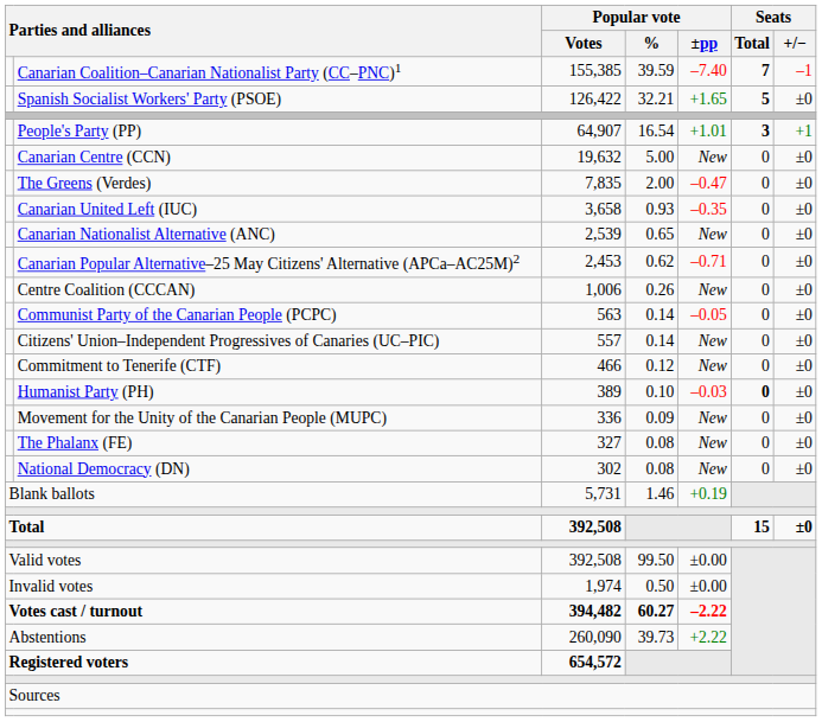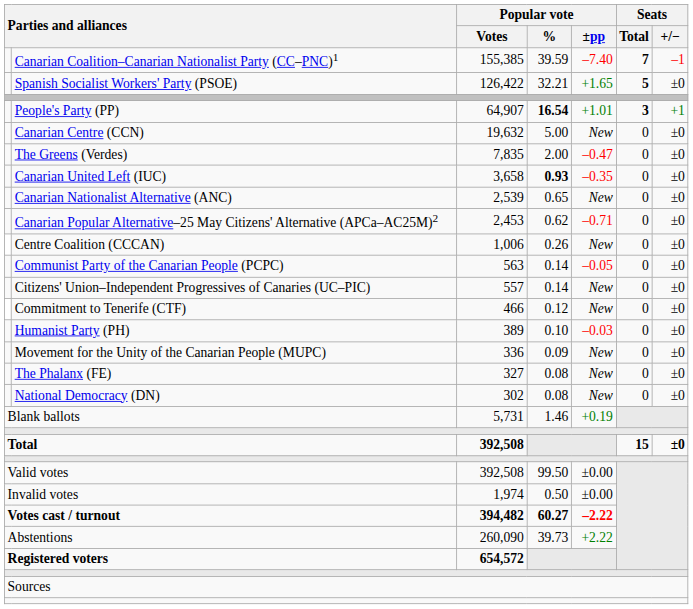 <table class="wikitable" style="text-align:right;">
 <tr>
 <th style="text-align:left;" rowspan="2" colspan="2" width="525">Parties and alliances</th>
 <th colspan="3">Popular vote</th>
 <th colspan="2">Seats</th>
 </tr>
 <tr>
 <th width="75">Votes</th>
 <th width="45">%</th>
 <th width="45">±<a href='#'>pp</a></th>
 <th width="35">Total</th>
 <th width="35">+/−</th>
 </tr>
 <tr>
 <td width="1" style="color:inherit;background:"></td>
 <td align="left"><a href='#'>Canarian Coalition–Canarian Nationalist Party</a> (<a href='#'>CC</a>–<a href='#'>PNC</a>)<sup>1</sup></td>
 <td>155,385</td>
 <td>39.59</td>
 <td style="color:red;">–7.40</td>
 <td><strong>7</strong></td>
 <td style="color:red;">–1</td>
 </tr>
 <tr>
 <td style="color:inherit;background:"></td>
 <td align="left"><a href='#'>Spanish Socialist Workers' Party</a> (PSOE)</td>
 <td>126,422</td>
 <td>32.21</td>
 <td style="color:green;">+1.65</td>
 <td><strong>5</strong></td>
 <td>±0</td>
 </tr>
 <tr>
 <td colspan="7" bgcolor="#C0C0C0"></td>
 </tr>
 <tr>
 <td style="color:inherit;background:"></td>
 <td align="left"><a href='#'>People's Party</a> (PP)</td>
 <td>64,907</td>
-<td>16.54</td>
+<td><strong>16.54</strong></td>
 <td style="color:green;">+1.01</td>
 <td><strong>3</strong></td>
 <td style="color:green;">+1</td>
 </tr>
 <tr>
 <td style="color:inherit;background:"></td>
 <td align="left"><a href='#'>Canarian Centre</a> (CCN)</td>
 <td>19,632</td>
 <td>5.00</td>
 <td><em>New</em></td>
 <td>0</td>
 <td>±0</td>
 </tr>
 <tr>
 <td style="color:inherit;background:"></td>
 <td align="left"><a href='#'>The Greens</a> (Verdes)</td>
 <td>7,835</td>
 <td>2.00</td>
 <td style="color:red;">–0.47</td>
 <td>0</td>
 <td>±0</td>
 </tr>
 <tr>
 <td style="color:inherit;background:"></td>
 <td align="left"><a href='#'>Canarian United Left</a> (IUC)</td>
 <td>3,658</td>
-<td>0.93</td>
+<td><strong>0.93</strong></td>
 <td style="color:red;">–0.35</td>
 <td>0</td>
 <td>±0</td>
 </tr>
 <tr>
 <td style="color:inherit;background:"></td>
 <td align="left"><a href='#'>Canarian Nationalist Alternative</a> (ANC)</td>
 <td>2,539</td>
 <td>0.65</td>
 <td><em>New</em></td>
 <td>0</td>
 <td>±0</td>
 </tr>
 <tr>
 <td style="color:inherit;background:"></td>
 <td align="left"><a href='#'>Canarian Popular Alternative</a>–25 May Citizens' Alternative (APCa–AC25M)<sup>2</sup></td>
 <td>2,453</td>
 <td>0.62</td>
 <td style="color:red;">–0.71</td>
 <td>0</td>
 <td>±0</td>
 </tr>
 <tr>
 <td bgcolor="white"></td>
 <td align="left">Centre Coalition (CCCAN)</td>
 <td>1,006</td>
 <td>0.26</td>
 <td><em>New</em></td>
 <td>0</td>
 <td>±0</td>
 </tr>
 <tr>
 <td style="color:inherit;background:"></td>
 <td align="left"><a href='#'>Communist Party of the Canarian People</a> (PCPC)</td>
 <td>563</td>
 <td>0.14</td>
 <td style="color:red;">–0.05</td>
 <td>0</td>
 <td>±0</td>
 </tr>
 <tr>
 <td style="color:inherit;background:"></td>
 <td align="left">Citizens' Union–Independent Progressives of Canaries (UC–PIC)</td>
 <td>557</td>
 <td>0.14</td>
 <td><em>New</em></td>
 <td>0</td>
 <td>±0</td>
 </tr>
 <tr>
 <td bgcolor="white"></td>
 <td align="left">Commitment to Tenerife (CTF)</td>
 <td>466</td>
 <td>0.12</td>
 <td><em>New</em></td>
 <td>0</td>
 <td>±0</td>
 </tr>
 <tr>
 <td style="color:inherit;background:"></td>
 <td align="left"><a href='#'>Humanist Party</a> (PH)</td>
 <td>389</td>
 <td>0.10</td>
 <td style="color:red;">–0.03</td>
-<td><strong>0</strong></td>
+<td>0</td>
 <td>±0</td>
 </tr>
 <tr>
 <td style="color:inherit;background:"></td>
 <td align="left">Movement for the Unity of the Canarian People (MUPC)</td>
 <td>336</td>
 <td>0.09</td>
 <td><em>New</em></td>
 <td>0</td>
 <td>±0</td>
 </tr>
 <tr>
 <td style="color:inherit;background:"></td>
 <td align="left"><a href='#'>The Phalanx</a> (FE)</td>
 <td>327</td>
 <td>0.08</td>
 <td><em>New</em></td>
 <td>0</td>
 <td>±0</td>
 </tr>
 <tr>
 <td style="color:inherit;background:"></td>
 <td align="left"><a href='#'>National Democracy</a> (DN)</td>
 <td>302</td>
 <td>0.08</td>
 <td><em>New</em></td>
 <td>0</td>
 <td>±0</td>
 </tr>
 <tr>
 <td align="left" colspan="2">Blank ballots</td>
 <td>5,731</td>
 <td>1.46</td>
 <td style="color:green;">+0.19</td>
 <td bgcolor="#E9E9E9" colspan="2"></td>
 </tr>
 <tr>
 <td colspan="7" bgcolor="#E9E9E9"></td>
 </tr>
 <tr style="font-weight:bold;">
 <td align="left" colspan="2">Total</td>
 <td>392,508</td>
 <td bgcolor="#E9E9E9" colspan="2"></td>
 <td>15</td>
 <td>±0</td>
 </tr>
 <tr>
 <td colspan="7" bgcolor="#E9E9E9"></td>
 </tr>
 <tr>
 <td align="left" colspan="2">Valid votes</td>
 <td>392,508</td>
 <td>99.50</td>
 <td>±0.00</td>
 <td bgcolor="#E9E9E9" colspan="2" rowspan="5"></td>
 </tr>
 <tr>
 <td align="left" colspan="2">Invalid votes</td>
 <td>1,974</td>
 <td>0.50</td>
 <td>±0.00</td>
 </tr>
 <tr style="font-weight:bold;">
 <td align="left" colspan="2">Votes cast / turnout</td>
 <td>394,482</td>
 <td>60.27</td>
 <td style="color:red;">–2.22</td>
 </tr>
 <tr>
 <td align="left" colspan="2">Abstentions</td>
 <td>260,090</td>
 <td>39.73</td>
 <td style="color:green;">+2.22</td>
 </tr>
 <tr style="font-weight:bold;">
 <td align="left" colspan="2">Registered voters</td>
 <td>654,572</td>
 <td bgcolor="#E9E9E9" colspan="2"></td>
 </tr>
 <tr>
 <td colspan="7" bgcolor="#E9E9E9"></td>
 </tr>
 <tr>
 <td align="left" colspan="7">Sources</td>
 </tr>
 <tr>
 <td colspan="7" style="text-align:left; max-width:790px;"></td>
 </tr>
 </table>
